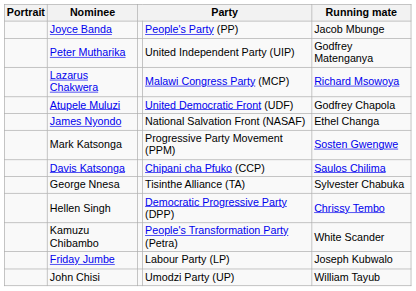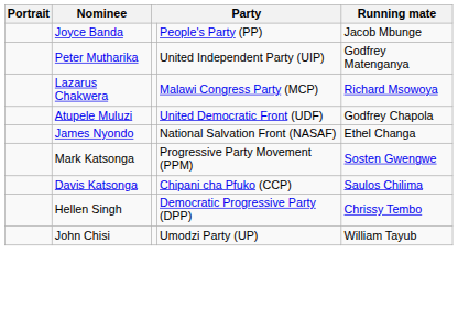 <table class="wikitable">
 <tr>
 <th>Portrait</th>
 <th>Nominee</th>
 <th colspan=2>Party</th>
 <th>Running mate</th>
 </tr>
 <tr>
 <td></td>
 <td><a href='#'>Joyce Banda</a></td>
 <td style="background-color: "></td>
 <td><a href='#'>People's Party</a> (PP)</td>
 <td>Jacob Mbunge</td>
 </tr>
 <tr>
 <td></td>
 <td><a href='#'>Peter Mutharika</a></td>
 <td style="background-color: "></td>
 <td>United Independent Party (UIP)</td>
 <td>Godfrey Matenganya</td>
 </tr>
 <tr>
 <td></td>
 <td><a href='#'>Lazarus Chakwera</a></td>
 <td style="background-color: "></td>
 <td><a href='#'>Malawi Congress Party</a> (MCP)</td>
 <td><a href='#'>Richard Msowoya</a></td>
 </tr>
 <tr>
 <td></td>
 <td><a href='#'>Atupele Muluzi</a></td>
 <td style="background-color: "></td>
 <td><a href='#'>United Democratic Front</a> (UDF)</td>
 <td>Godfrey Chapola</td>
 </tr>
 <tr>
 <td></td>
 <td><a href='#'>James Nyondo</a></td>
 <td></td>
 <td>National Salvation Front (NASAF)</td>
 <td>Ethel Changa</td>
 </tr>
 <tr>
 <td></td>
 <td>Mark Katsonga</td>
 <td></td>
 <td>Progressive Party Movement (PPM)</td>
 <td><a href='#'>Sosten Gwengwe</a></td>
 </tr>
 <tr>
 <td></td>
 <td><a href='#'>Davis Katsonga</a></td>
 <td></td>
 <td><a href='#'>Chipani cha Pfuko</a> (CCP)</td>
 <td><a href='#'>Saulos Chilima</a></td>
 </tr>
 <tr>
 <td></td>
-<td>George Nnesa</td>
-<td></td>
-<td>Tisinthe Alliance (TA)</td>
-<td>Sylvester Chabuka</td>
-</tr>
-<tr>
-<td></td>
 <td>Hellen Singh</td>
 <td></td>
 <td><a href='#'>Democratic Progressive Party</a> (DPP)</td>
 <td><a href='#'>Chrissy Tembo</a></td>
-</tr>
-<tr>
-<td></td>
-<td>Kamuzu Chibambo</td>
-<td></td>
-<td><a href='#'>People's Transformation Party</a> (Petra)</td>
-<td>White Scander</td>
-</tr>
-<tr>
-<td></td>
-<td><a href='#'>Friday Jumbe</a></td>
-<td></td>
-<td>Labour Party (LP)</td>
-<td>Joseph Kubwalo</td>
 </tr>
 <tr>
 <td></td>
 <td>John Chisi</td>
 <td></td>
 <td>Umodzi Party (UP)</td>
 <td>William Tayub</td>
 </tr>
 </table>
